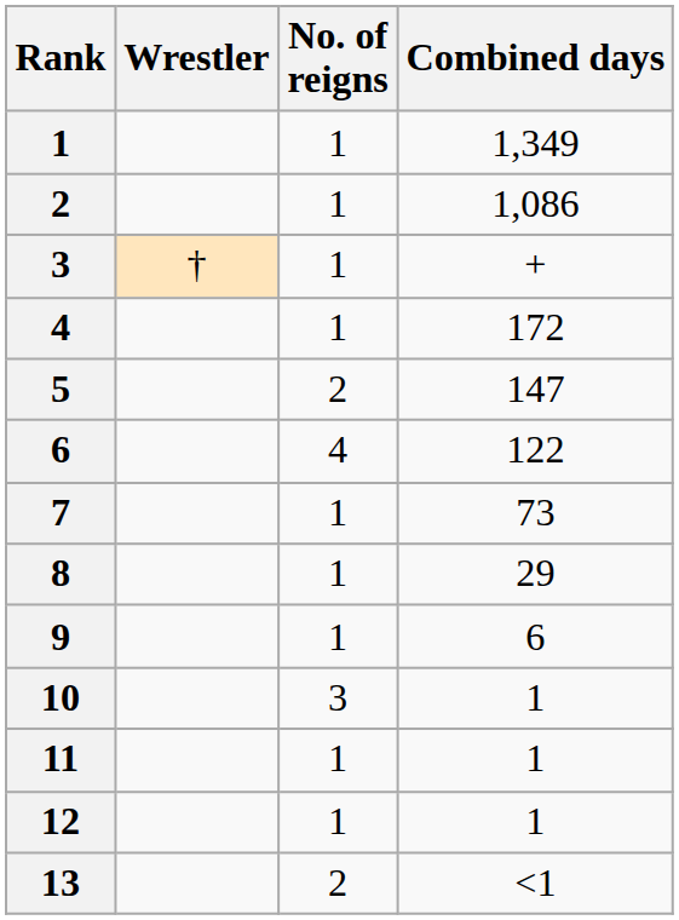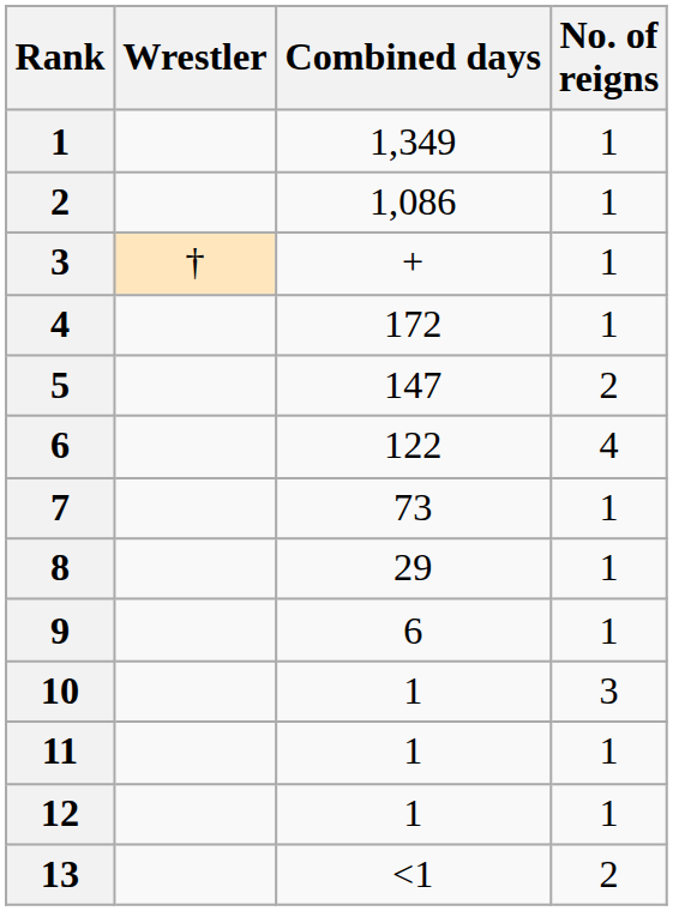 <table class="wikitable sortable" style="text-align: center">
 <tr>
 <th>Rank</th>
 <th>Wrestler</th>
+<th data-sort-type="number">Combined days</th>
 <th>No. of<br>reigns</th>
-<th data-sort-type="number">Combined days</th>
 </tr>
 <tr>
 <th>1</th>
 <td><br></td>
+<td>1,349</td>
 <td>1</td>
-<td>1,349</td>
 </tr>
 <tr>
 <th>2</th>
 <td></td>
+<td>1,086</td>
 <td>1</td>
-<td>1,086</td>
 </tr>
 <tr>
 <th>3</th>
 <td style="background-color: #ffe6bd">†</td>
+<td>+</td>
 <td>1</td>
-<td>+</td>
 </tr>
 <tr>
 <th>4</th>
 <td><br></td>
+<td>172</td>
 <td>1</td>
-<td>172</td>
 </tr>
 <tr>
 <th>5</th>
 <td><br></td>
+<td>147</td>
 <td>2</td>
-<td>147</td>
 </tr>
 <tr>
 <th>6</th>
 <td><br></td>
+<td>122</td>
 <td>4</td>
-<td>122</td>
 </tr>
 <tr>
 <th>7</th>
 <td><br></td>
+<td>73</td>
 <td>1</td>
-<td>73</td>
 </tr>
 <tr>
 <th>8</th>
 <td><br></td>
+<td>29</td>
 <td>1</td>
-<td>29</td>
 </tr>
 <tr>
 <th>9</th>
 <td></td>
+<td>6</td>
 <td>1</td>
-<td>6</td>
 </tr>
 <tr>
 <th>10</th>
 <td><br></td>
+<td>1</td>
 <td>3</td>
-<td>1</td>
 </tr>
 <tr>
 <th>11</th>
 <td></td>
 <td>1</td>
 <td>1</td>
 </tr>
 <tr>
 <th>12</th>
 <td><br></td>
 <td>1</td>
 <td>1</td>
 </tr>
 <tr>
 <th>13</th>
 <td><br></td>
+<td><1</td>
 <td>2</td>
-<td><1</td>
 </tr>
 </table>
